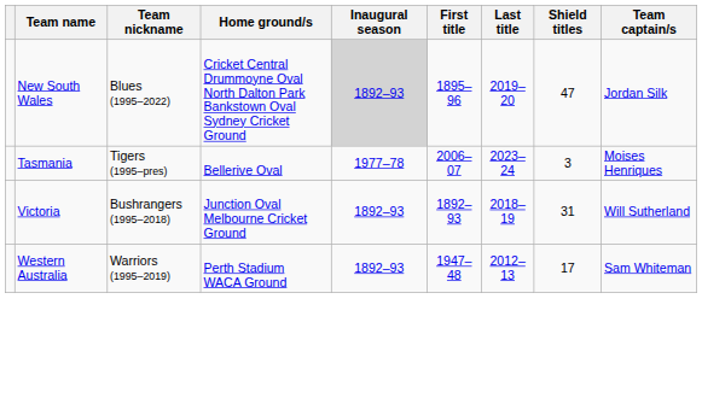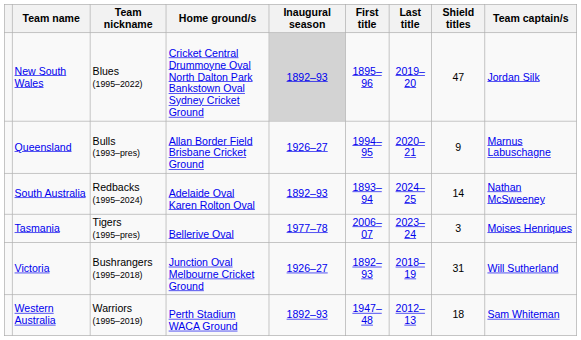 <table class="wikitable sortable">
 <tr>
 <th></th>
 <th>Team name<br></th>
 <th>Team nickname</th>
 <th>Home ground/s</th>
 <th>Inaugural season</th>
 <th>First title</th>
 <th>Last title</th>
 <th>Shield titles</th>
 <th>Team captain/s</th>
 </tr>
 <tr>
 <td> </td>
 <td><a href='#'>New South Wales</a><br><small> </small></td>
 <td>Blues<br><small>(1995–2022)</small></td>
 <td><br><a href='#'>Cricket Central</a><br> <a href='#'>Drummoyne Oval</a><br> <a href='#'>North Dalton Park</a><br> <a href='#'>Bankstown Oval</a><br> <a href='#'>Sydney Cricket Ground</a></td>
 <td align="center" style="background: lightgrey;"><a href='#'>1892–93</a></td>
 <td align=center><a href='#'>1895–96</a></td>
 <td align=center><a href='#'>2019–20</a></td>
 <td align=center>47</td>
 <td><a href='#'>Jordan Silk</a></td>
 </tr>
 <tr>
 <td> </td>
+<td><a href='#'>Queensland</a></td>
+<td>Bulls<br><small>(1993–pres)</small></td>
+<td><br><a href='#'>Allan Border Field</a><br> <a href='#'>Brisbane Cricket Ground</a></td>
+<td align="center"><a href='#'>1926–27</a></td>
+<td align=center><a href='#'>1994–95</a></td>
+<td align=center><a href='#'>2020–21</a></td>
+<td align=center>9</td>
+<td><a href='#'>Marnus Labuschagne</a></td>
+</tr>
+<tr>
+<td> </td>
+<td><a href='#'>South Australia</a></td>
+<td>Redbacks<br><small>(1995–2024)</small></td>
+<td><br><a href='#'>Adelaide Oval</a><br> <a href='#'>Karen Rolton Oval</a></td>
+<td align=center><a href='#'>1892–93</a></td>
+<td align=center><a href='#'>1893–94</a></td>
+<td align=center><a href='#'>2024–25</a></td>
+<td align=center>14</td>
+<td><a href='#'>Nathan McSweeney</a></td>
+</tr>
+<tr>
+<td> </td>
 <td><a href='#'>Tasmania</a></td>
 <td>Tigers<br><small>(1995–pres)</small></td>
 <td><br><a href='#'>Bellerive Oval</a></td>
 <td align=center><a href='#'>1977–78</a></td>
 <td align=center><a href='#'>2006–07</a></td>
 <td align=center><a href='#'>2023–24</a></td>
 <td align=center>3</td>
 <td><a href='#'>Moises Henriques</a></td>
 </tr>
 <tr>
 <td> </td>
 <td><a href='#'>Victoria</a></td>
 <td>Bushrangers<br><small>(1995–2018)</small></td>
 <td><br><a href='#'>Junction Oval</a><br> <a href='#'>Melbourne Cricket Ground</a></td>
-<td align="center"><a href='#'>1892–93</a></td>
+<td align="center"><a href='#'>1926–27</a></td>
 <td align=center><a href='#'>1892–93</a></td>
 <td align=center><a href='#'>2018–19</a></td>
 <td align=center>31</td>
 <td><a href='#'>Will Sutherland</a></td>
 </tr>
 <tr>
 <td> </td>
 <td><a href='#'>Western Australia</a></td>
 <td>Warriors<br><small>(1995–2019)</small></td>
 <td><br><a href='#'>Perth Stadium</a><br> <a href='#'>WACA Ground</a></td>
 <td align=center><a href='#'>1892–93</a></td>
 <td align=center><a href='#'>1947–48</a></td>
 <td align=center><a href='#'>2012–13</a></td>
-<td align=center>17</td>
+<td align=center>18</td>
 <td><a href='#'>Sam Whiteman</a></td>
 </tr>
 </table>
